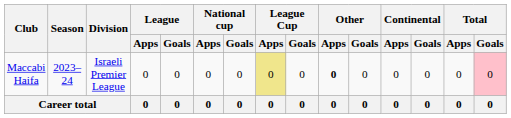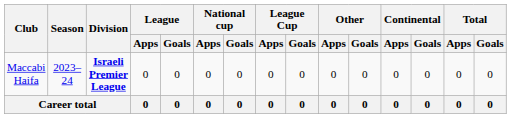 <table class="wikitable" style="text-align: center;">
 <tr>
 <th rowspan="2">Club</th>
 <th rowspan="2">Season</th>
 <th rowspan="2">Division</th>
 <th colspan="2">League</th>
 <th colspan="2">National cup</th>
 <th colspan="2">League Cup</th>
 <th colspan="2">Other</th>
 <th colspan="2">Continental</th>
 <th colspan="2">Total</th>
 </tr>
 <tr>
 <th>Apps</th>
 <th>Goals</th>
 <th>Apps</th>
 <th>Goals</th>
 <th>Apps</th>
 <th>Goals</th>
 <th>Apps</th>
 <th>Goals</th>
 <th>Apps</th>
 <th>Goals</th>
 <th>Apps</th>
 <th>Goals</th>
 </tr>
 <tr>
 <td><a href='#'>Maccabi Haifa</a></td>
 <td><a href='#'>2023–24</a></td>
-<td><a href='#'>Israeli Premier League</a></td>
+<td><strong><a href='#'>Israeli Premier League</a></strong></td>
 <td>0</td>
 <td>0</td>
 <td>0</td>
 <td>0</td>
-<td style="background: khaki;">0</td>
-<td>0</td>
-<td><strong>0</strong></td>
 <td>0</td>
 <td>0</td>
 <td>0</td>
 <td>0</td>
-<td style="background: pink;">0</td>
+<td>0</td>
+<td>0</td>
+<td>0</td>
+<td>0</td>
 </tr>
 <tr>
 <th colspan="3">Career total</th>
 <th>0</th>
 <th>0</th>
 <th>0</th>
 <th>0</th>
 <th>0</th>
 <th>0</th>
 <th>0</th>
 <th>0</th>
 <th>0</th>
 <th>0</th>
 <th>0</th>
 <th>0</th>
 </tr>
 </table>
